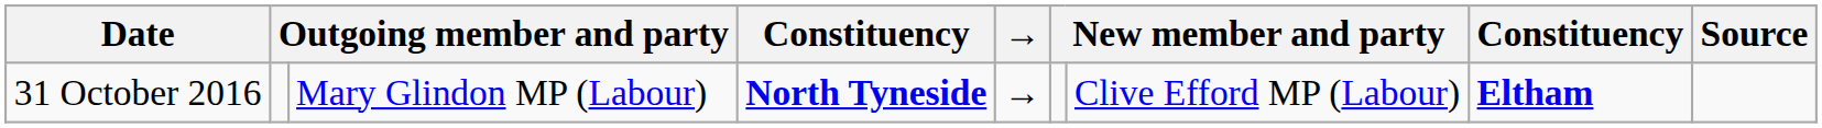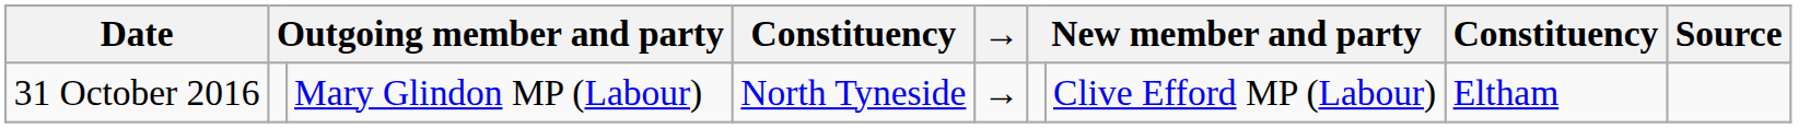 <table class="wikitable">
 <tr>
 <th valign="top">Date</th>
 <th colspan="2" valign="top">Outgoing member and party</th>
 <th valign="top">Constituency</th>
 <th>→</th>
 <th colspan="2" valign="top">New member and party</th>
 <th valign="top">Constituency</th>
 <th valign="top">Source</th>
 </tr>
 <tr>
 <td>31 October 2016</td>
 <td style="color:inherit;background:"></td>
 <td><a href='#'>Mary Glindon</a> MP (<a href='#'>Labour</a>)</td>
-<td><strong><a href='#'>North Tyneside</a></strong></td>
+<td><a href='#'>North Tyneside</a></td>
 <td>→</td>
 <td style="color:inherit;background:"></td>
 <td><a href='#'>Clive Efford</a> MP (<a href='#'>Labour</a>)</td>
-<td><strong><a href='#'>Eltham</a></strong></td>
+<td><a href='#'>Eltham</a></td>
 <td></td>
 </tr>
 </table>
